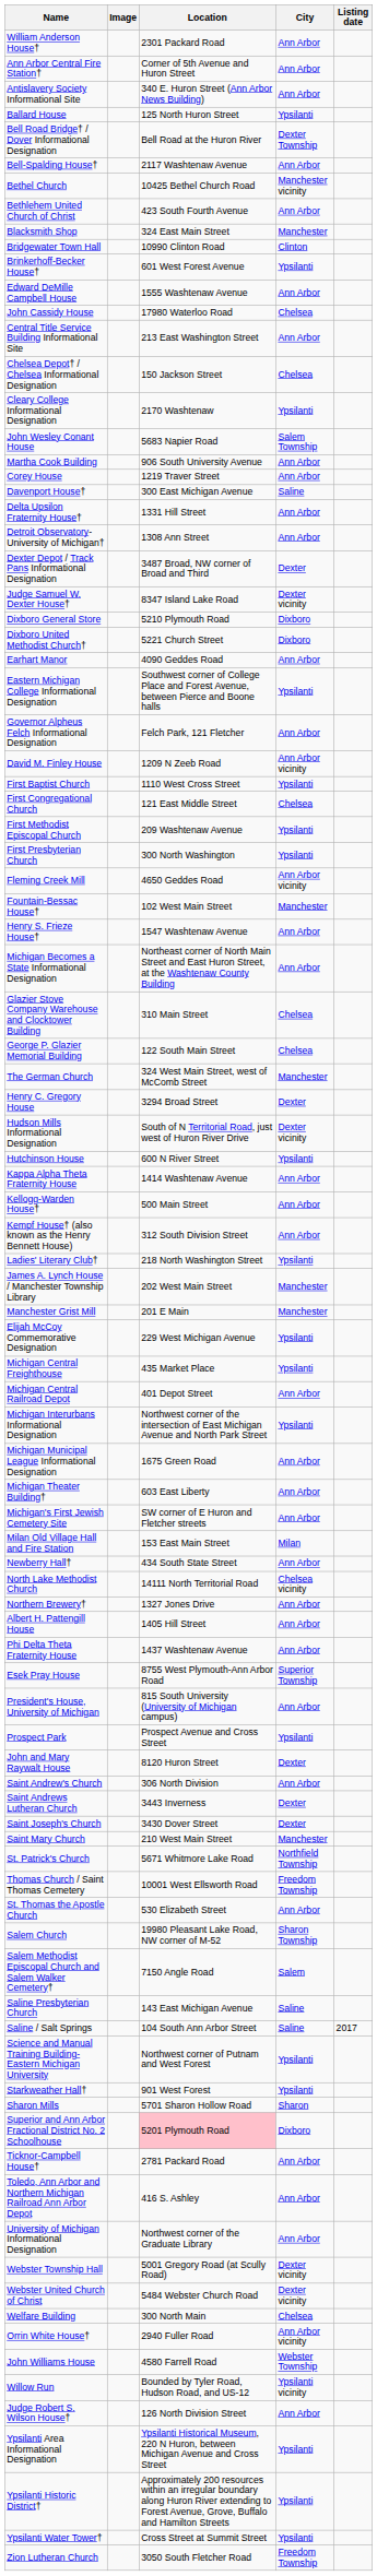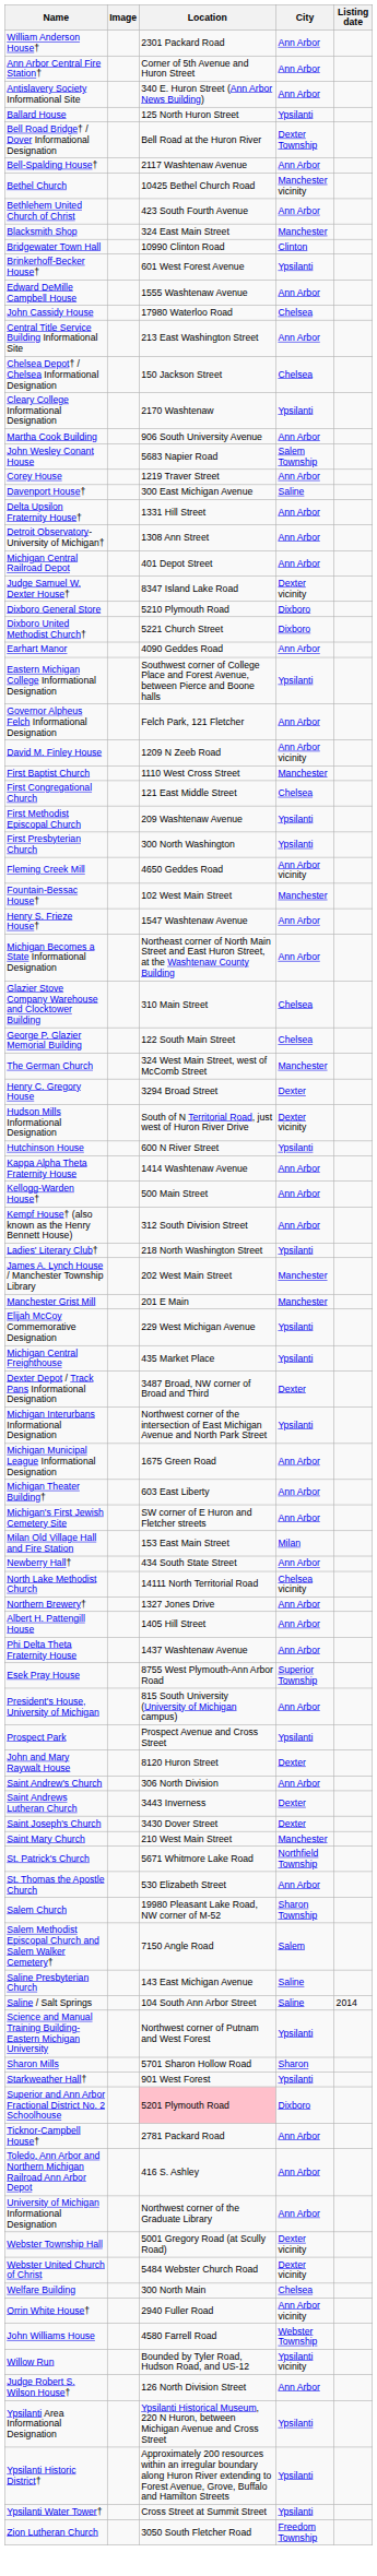 <table class="wikitable sortable" style="width:100%">
 <tr>
 <th>Name</th>
 <th>Image</th>
 <th>Location</th>
 <th>City</th>
 <th>Listing date</th>
 </tr>
 <tr>
 <td><a href='#'>William Anderson House</a>†</td>
 <td></td>
 <td>2301 Packard Road</td>
 <td><a href='#'>Ann Arbor</a></td>
 <td></td>
 </tr>
 <tr>
 <td><a href='#'>Ann Arbor Central Fire Station</a>†</td>
 <td></td>
 <td>Corner of 5th Avenue and Huron Street</td>
 <td><a href='#'>Ann Arbor</a></td>
 <td></td>
 </tr>
 <tr>
 <td><a href='#'>Antislavery Society</a> Informational Site</td>
 <td></td>
 <td>340 E. Huron Street (<a href='#'>Ann Arbor News Building</a>)</td>
 <td><a href='#'>Ann Arbor</a></td>
 <td></td>
 </tr>
 <tr>
 <td><a href='#'>Ballard House</a></td>
 <td></td>
 <td>125 North Huron Street</td>
 <td><a href='#'>Ypsilanti</a></td>
 <td></td>
 </tr>
 <tr>
 <td><a href='#'>Bell Road Bridge</a>† / <a href='#'>Dover</a> Informational Designation</td>
 <td></td>
 <td>Bell Road at the Huron River</td>
 <td><a href='#'>Dexter Township</a></td>
 <td></td>
 </tr>
 <tr>
 <td><a href='#'>Bell-Spalding House</a>†</td>
 <td></td>
 <td>2117 Washtenaw Avenue</td>
 <td><a href='#'>Ann Arbor</a></td>
 <td></td>
 </tr>
 <tr>
 <td><a href='#'>Bethel Church</a></td>
 <td></td>
 <td>10425 Bethel Church Road</td>
 <td><a href='#'>Manchester</a> vicinity</td>
 <td></td>
 </tr>
 <tr>
 <td><a href='#'>Bethlehem United Church of Christ</a></td>
 <td></td>
 <td>423 South Fourth Avenue</td>
 <td><a href='#'>Ann Arbor</a></td>
 <td></td>
 </tr>
 <tr>
 <td><a href='#'>Blacksmith Shop</a></td>
 <td></td>
 <td>324 East Main Street</td>
 <td><a href='#'>Manchester</a></td>
 <td></td>
 </tr>
 <tr>
 <td><a href='#'>Bridgewater Town Hall</a></td>
 <td></td>
 <td>10990 Clinton Road</td>
 <td><a href='#'>Clinton</a></td>
 <td></td>
 </tr>
 <tr>
 <td><a href='#'>Brinkerhoff-Becker House</a>†</td>
 <td></td>
 <td>601 West Forest Avenue</td>
 <td><a href='#'>Ypsilanti</a></td>
 <td></td>
 </tr>
 <tr>
 <td><a href='#'>Edward DeMille Campbell House</a></td>
 <td></td>
 <td>1555 Washtenaw Avenue</td>
 <td><a href='#'>Ann Arbor</a></td>
 <td></td>
 </tr>
 <tr>
 <td><a href='#'>John Cassidy House</a></td>
 <td></td>
 <td>17980 Waterloo Road</td>
 <td><a href='#'>Chelsea</a></td>
 <td></td>
 </tr>
 <tr>
 <td><a href='#'>Central Title Service Building</a> Informational Site</td>
 <td></td>
 <td>213 East Washington Street</td>
 <td><a href='#'>Ann Arbor</a></td>
 <td></td>
 </tr>
 <tr>
 <td><a href='#'>Chelsea Depot</a>† / <a href='#'>Chelsea</a> Informational Designation</td>
 <td></td>
 <td>150 Jackson Street</td>
 <td><a href='#'>Chelsea</a></td>
 <td></td>
 </tr>
 <tr>
 <td><a href='#'>Cleary College</a> Informational Designation</td>
 <td></td>
 <td>2170 Washtenaw</td>
 <td><a href='#'>Ypsilanti</a></td>
 <td></td>
 </tr>
 <tr>
+<td><a href='#'>Martha Cook Building</a></td>
+<td></td>
+<td>906 South University Avenue</td>
+<td><a href='#'>Ann Arbor</a></td>
+<td></td>
+</tr>
+<tr>
 <td><a href='#'>John Wesley Conant House</a></td>
 <td></td>
 <td>5683 Napier Road</td>
 <td><a href='#'>Salem Township</a></td>
-<td></td>
-</tr>
-<tr>
-<td><a href='#'>Martha Cook Building</a></td>
-<td></td>
-<td>906 South University Avenue</td>
-<td><a href='#'>Ann Arbor</a></td>
 <td></td>
 </tr>
 <tr>
 <td><a href='#'>Corey House</a></td>
 <td></td>
 <td>1219 Traver Street</td>
 <td><a href='#'>Ann Arbor</a></td>
 <td></td>
 </tr>
 <tr>
 <td><a href='#'>Davenport House</a>†</td>
 <td></td>
 <td>300 East Michigan Avenue</td>
 <td><a href='#'>Saline</a></td>
 <td></td>
 </tr>
 <tr>
 <td><a href='#'>Delta Upsilon Fraternity House</a>†</td>
 <td></td>
 <td>1331 Hill Street</td>
 <td><a href='#'>Ann Arbor</a></td>
 <td></td>
 </tr>
 <tr>
 <td><a href='#'>Detroit Observatory</a>-University of Michigan†</td>
 <td></td>
 <td>1308 Ann Street</td>
 <td><a href='#'>Ann Arbor</a></td>
 <td></td>
 </tr>
 <tr>
-<td><a href='#'>Dexter Depot</a> / <a href='#'>Track Pans</a> Informational Designation</td>
+<td><a href='#'>Michigan Central Railroad Depot</a></td>
 <td></td>
-<td>3487 Broad, NW corner of Broad and Third</td>
-<td><a href='#'>Dexter</a></td>
+<td>401 Depot Street</td>
+<td><a href='#'>Ann Arbor</a></td>
 <td></td>
 </tr>
 <tr>
 <td><a href='#'>Judge Samuel W. Dexter House</a>†</td>
 <td></td>
 <td>8347 Island Lake Road</td>
 <td><a href='#'>Dexter</a> vicinity</td>
 <td></td>
 </tr>
 <tr>
 <td><a href='#'>Dixboro General Store</a></td>
 <td></td>
 <td>5210 Plymouth Road</td>
 <td><a href='#'>Dixboro</a></td>
 <td></td>
 </tr>
 <tr>
 <td><a href='#'>Dixboro United Methodist Church</a>†</td>
 <td></td>
 <td>5221 Church Street</td>
 <td><a href='#'>Dixboro</a></td>
 <td></td>
 </tr>
 <tr>
 <td><a href='#'>Earhart Manor</a></td>
 <td></td>
 <td>4090 Geddes Road</td>
 <td><a href='#'>Ann Arbor</a></td>
 <td></td>
 </tr>
 <tr>
 <td><a href='#'>Eastern Michigan College</a> Informational Designation</td>
 <td></td>
 <td>Southwest corner of College Place and Forest Avenue, between Pierce and Boone halls</td>
 <td><a href='#'>Ypsilanti</a></td>
 <td></td>
 </tr>
 <tr>
 <td><a href='#'>Governor Alpheus Felch</a> Informational Designation</td>
 <td></td>
 <td>Felch Park, 121 Fletcher</td>
 <td><a href='#'>Ann Arbor</a></td>
 <td></td>
 </tr>
 <tr>
 <td><a href='#'>David M. Finley House</a></td>
 <td></td>
 <td>1209 N Zeeb Road</td>
 <td><a href='#'>Ann Arbor</a> vicinity</td>
 <td></td>
 </tr>
 <tr>
 <td><a href='#'>First Baptist Church</a></td>
 <td></td>
 <td>1110 West Cross Street</td>
-<td><a href='#'>Ypsilanti</a></td>
+<td><a href='#'>Manchester</a></td>
 <td></td>
 </tr>
 <tr>
 <td><a href='#'>First Congregational Church</a></td>
 <td></td>
 <td>121 East Middle Street</td>
 <td><a href='#'>Chelsea</a></td>
 <td></td>
 </tr>
 <tr>
 <td><a href='#'>First Methodist Episcopal Church</a></td>
 <td></td>
 <td>209 Washtenaw Avenue</td>
 <td><a href='#'>Ypsilanti</a></td>
 <td></td>
 </tr>
 <tr>
 <td><a href='#'>First Presbyterian Church</a></td>
 <td></td>
 <td>300 North Washington</td>
 <td><a href='#'>Ypsilanti</a></td>
 <td></td>
 </tr>
 <tr>
 <td><a href='#'>Fleming Creek Mill</a></td>
 <td></td>
 <td>4650 Geddes Road</td>
 <td><a href='#'>Ann Arbor</a> vicinity</td>
 <td></td>
 </tr>
 <tr>
 <td><a href='#'>Fountain-Bessac House</a>†</td>
 <td></td>
 <td>102 West Main Street</td>
 <td><a href='#'>Manchester</a></td>
 <td></td>
 </tr>
 <tr>
 <td><a href='#'>Henry S. Frieze House</a>†</td>
 <td></td>
 <td>1547 Washtenaw Avenue</td>
 <td><a href='#'>Ann Arbor</a></td>
 <td></td>
 </tr>
 <tr>
 <td><a href='#'>Michigan Becomes a State</a> Informational Designation</td>
 <td></td>
 <td>Northeast corner of North Main Street and East Huron Street, at the <a href='#'>Washtenaw County Building</a></td>
 <td><a href='#'>Ann Arbor</a></td>
 <td></td>
 </tr>
 <tr>
 <td><a href='#'>Glazier Stove Company Warehouse and Clocktower Building</a></td>
 <td></td>
 <td>310 Main Street</td>
 <td><a href='#'>Chelsea</a></td>
 <td></td>
 </tr>
 <tr>
 <td><a href='#'>George P. Glazier Memorial Building</a></td>
 <td></td>
 <td>122 South Main Street</td>
 <td><a href='#'>Chelsea</a></td>
 <td></td>
 </tr>
 <tr>
 <td><a href='#'>The German Church</a></td>
 <td></td>
 <td>324 West Main Street, west of McComb Street</td>
 <td><a href='#'>Manchester</a></td>
 <td></td>
 </tr>
 <tr>
 <td><a href='#'>Henry C. Gregory House</a></td>
 <td></td>
 <td>3294 Broad Street</td>
 <td><a href='#'>Dexter</a></td>
 <td></td>
 </tr>
 <tr>
 <td><a href='#'>Hudson Mills</a> Informational Designation</td>
 <td></td>
 <td>South of N <a href='#'>Territorial Road</a>, just west of Huron River Drive</td>
 <td><a href='#'>Dexter</a> vicinity</td>
 <td></td>
 </tr>
 <tr>
 <td><a href='#'>Hutchinson House</a></td>
 <td></td>
 <td>600 N River Street</td>
 <td><a href='#'>Ypsilanti</a></td>
 <td></td>
 </tr>
 <tr>
 <td><a href='#'>Kappa Alpha Theta Fraternity House</a></td>
 <td></td>
 <td>1414 Washtenaw Avenue</td>
 <td><a href='#'>Ann Arbor</a></td>
 <td></td>
 </tr>
 <tr>
 <td><a href='#'>Kellogg-Warden House</a>†</td>
 <td></td>
 <td>500 Main Street</td>
 <td><a href='#'>Ann Arbor</a></td>
 <td></td>
 </tr>
 <tr>
 <td><a href='#'>Kempf House</a>† (also known as the Henry Bennett House)</td>
 <td></td>
 <td>312 South Division Street</td>
 <td><a href='#'>Ann Arbor</a></td>
 <td></td>
 </tr>
 <tr>
 <td><a href='#'>Ladies' Literary Club</a>†</td>
 <td></td>
 <td>218 North Washington Street</td>
 <td><a href='#'>Ypsilanti</a></td>
 <td></td>
 </tr>
 <tr>
 <td><a href='#'>James A. Lynch House</a> / Manchester Township Library</td>
 <td></td>
 <td>202 West Main Street</td>
 <td><a href='#'>Manchester</a></td>
 <td></td>
 </tr>
 <tr>
 <td><a href='#'>Manchester Grist Mill</a></td>
 <td></td>
 <td>201 E Main</td>
 <td><a href='#'>Manchester</a></td>
 <td></td>
 </tr>
 <tr>
 <td><a href='#'>Elijah McCoy</a> Commemorative Designation</td>
 <td></td>
 <td>229 West Michigan Avenue</td>
 <td><a href='#'>Ypsilanti</a></td>
 <td></td>
 </tr>
 <tr>
 <td><a href='#'>Michigan Central Freighthouse</a></td>
 <td></td>
 <td>435 Market Place</td>
 <td><a href='#'>Ypsilanti</a></td>
 <td></td>
 </tr>
 <tr>
-<td><a href='#'>Michigan Central Railroad Depot</a></td>
+<td><a href='#'>Dexter Depot</a> / <a href='#'>Track Pans</a> Informational Designation</td>
 <td></td>
-<td>401 Depot Street</td>
-<td><a href='#'>Ann Arbor</a></td>
+<td>3487 Broad, NW corner of Broad and Third</td>
+<td><a href='#'>Dexter</a></td>
 <td></td>
 </tr>
 <tr>
 <td><a href='#'>Michigan Interurbans</a> Informational Designation</td>
 <td></td>
 <td>Northwest corner of the intersection of East Michigan Avenue and North Park Street</td>
 <td><a href='#'>Ypsilanti</a></td>
 <td></td>
 </tr>
 <tr>
 <td><a href='#'>Michigan Municipal League</a> Informational Designation</td>
 <td></td>
 <td>1675 Green Road</td>
 <td><a href='#'>Ann Arbor</a></td>
 <td></td>
 </tr>
 <tr>
 <td><a href='#'>Michigan Theater Building</a>†</td>
 <td></td>
 <td>603 East Liberty</td>
 <td><a href='#'>Ann Arbor</a></td>
 <td></td>
 </tr>
 <tr>
 <td><a href='#'>Michigan's First Jewish Cemetery Site</a></td>
 <td></td>
 <td>SW corner of E Huron and Fletcher streets</td>
 <td><a href='#'>Ann Arbor</a></td>
 <td></td>
 </tr>
 <tr>
 <td><a href='#'>Milan Old Village Hall and Fire Station</a></td>
 <td></td>
 <td>153 East Main Street</td>
 <td><a href='#'>Milan</a></td>
 <td></td>
 </tr>
 <tr>
 <td><a href='#'>Newberry Hall</a>†</td>
 <td></td>
 <td>434 South State Street</td>
 <td><a href='#'>Ann Arbor</a></td>
 <td></td>
 </tr>
 <tr>
 <td><a href='#'>North Lake Methodist Church</a></td>
 <td></td>
 <td>14111 North Territorial Road</td>
 <td><a href='#'>Chelsea</a> vicinity</td>
 <td></td>
 </tr>
 <tr>
 <td><a href='#'>Northern Brewery</a>†</td>
 <td></td>
 <td>1327 Jones Drive</td>
 <td><a href='#'>Ann Arbor</a></td>
 <td></td>
 </tr>
 <tr>
 <td><a href='#'>Albert H. Pattengill House</a></td>
 <td></td>
 <td>1405 Hill Street</td>
 <td><a href='#'>Ann Arbor</a></td>
 <td></td>
 </tr>
 <tr>
 <td><a href='#'>Phi Delta Theta Fraternity House</a></td>
 <td></td>
 <td>1437 Washtenaw Avenue</td>
 <td><a href='#'>Ann Arbor</a></td>
 <td></td>
 </tr>
 <tr>
 <td><a href='#'>Esek Pray House</a></td>
 <td></td>
 <td>8755 West Plymouth-Ann Arbor Road</td>
 <td><a href='#'>Superior Township</a></td>
 <td></td>
 </tr>
 <tr>
 <td><a href='#'>President's House, University of Michigan</a></td>
 <td></td>
 <td>815 South University (<a href='#'>University of Michigan</a> campus)</td>
 <td><a href='#'>Ann Arbor</a></td>
 <td></td>
 </tr>
 <tr>
 <td><a href='#'>Prospect Park</a></td>
 <td></td>
 <td>Prospect Avenue and Cross Street</td>
 <td><a href='#'>Ypsilanti</a></td>
 <td></td>
 </tr>
 <tr>
 <td><a href='#'>John and Mary Raywalt House</a></td>
 <td></td>
 <td>8120 Huron Street</td>
 <td><a href='#'>Dexter</a></td>
 <td></td>
 </tr>
 <tr>
 <td><a href='#'>Saint Andrew's Church</a></td>
 <td></td>
 <td>306 North Division</td>
 <td><a href='#'>Ann Arbor</a></td>
 <td></td>
 </tr>
 <tr>
 <td><a href='#'>Saint Andrews Lutheran Church</a></td>
 <td></td>
 <td>3443 Inverness</td>
 <td><a href='#'>Dexter</a></td>
 <td></td>
 </tr>
 <tr>
 <td><a href='#'>Saint Joseph's Church</a></td>
 <td></td>
 <td>3430 Dover Street</td>
 <td><a href='#'>Dexter</a></td>
 <td></td>
 </tr>
 <tr>
 <td><a href='#'>Saint Mary Church</a></td>
 <td></td>
 <td>210 West Main Street</td>
 <td><a href='#'>Manchester</a></td>
 <td></td>
 </tr>
 <tr>
 <td><a href='#'>St. Patrick's Church</a></td>
 <td></td>
 <td>5671 Whitmore Lake Road</td>
 <td><a href='#'>Northfield Township</a></td>
 <td></td>
 </tr>
 <tr>
-<td><a href='#'>Thomas Church</a> / Saint Thomas Cemetery</td>
-<td></td>
-<td>10001 West Ellsworth Road</td>
-<td><a href='#'>Freedom Township</a></td>
-<td></td>
-</tr>
-<tr>
 <td><a href='#'>St. Thomas the Apostle Church</a></td>
 <td></td>
 <td>530 Elizabeth Street</td>
 <td><a href='#'>Ann Arbor</a></td>
 <td></td>
 </tr>
 <tr>
 <td><a href='#'>Salem Church</a></td>
 <td></td>
 <td>19980 Pleasant Lake Road, NW corner of M-52</td>
 <td><a href='#'>Sharon Township</a></td>
 <td></td>
 </tr>
 <tr>
 <td><a href='#'>Salem Methodist Episcopal Church and Salem Walker Cemetery</a>†</td>
 <td></td>
 <td>7150 Angle Road</td>
 <td><a href='#'>Salem</a></td>
 <td></td>
 </tr>
 <tr>
 <td><a href='#'>Saline Presbyterian Church</a></td>
 <td></td>
 <td>143 East Michigan Avenue</td>
 <td><a href='#'>Saline</a></td>
 <td></td>
 </tr>
 <tr>
 <td><a href='#'>Saline</a> / Salt Springs</td>
 <td></td>
 <td>104 South Ann Arbor Street</td>
 <td><a href='#'>Saline</a></td>
-<td>2017</td>
+<td>2014</td>
 </tr>
 <tr>
 <td><a href='#'>Science and Manual Training Building-Eastern Michigan University</a></td>
 <td></td>
 <td>Northwest corner of Putnam and West Forest</td>
 <td><a href='#'>Ypsilanti</a></td>
 <td></td>
 </tr>
 <tr>
+<td><a href='#'>Sharon Mills</a></td>
+<td></td>
+<td>5701 Sharon Hollow Road</td>
+<td><a href='#'>Sharon</a></td>
+<td></td>
+</tr>
+<tr>
 <td><a href='#'>Starkweather Hall</a>†</td>
 <td></td>
 <td>901 West Forest</td>
 <td><a href='#'>Ypsilanti</a></td>
-<td></td>
-</tr>
-<tr>
-<td><a href='#'>Sharon Mills</a></td>
-<td></td>
-<td>5701 Sharon Hollow Road</td>
-<td><a href='#'>Sharon</a></td>
 <td></td>
 </tr>
 <tr>
 <td><a href='#'>Superior and Ann Arbor Fractional District No. 2 Schoolhouse</a></td>
 <td></td>
 <td style="background: pink;">5201 Plymouth Road</td>
 <td><a href='#'>Dixboro</a></td>
 <td></td>
 </tr>
 <tr>
 <td><a href='#'>Ticknor-Campbell House</a>†</td>
 <td></td>
 <td>2781 Packard Road</td>
 <td><a href='#'>Ann Arbor</a></td>
 <td></td>
 </tr>
 <tr>
 <td><a href='#'>Toledo, Ann Arbor and Northern Michigan Railroad Ann Arbor Depot</a></td>
 <td></td>
 <td>416 S. Ashley</td>
 <td><a href='#'>Ann Arbor</a></td>
 <td></td>
 </tr>
 <tr>
 <td><a href='#'>University of Michigan</a> Informational Designation</td>
 <td></td>
 <td>Northwest corner of the Graduate Library</td>
 <td><a href='#'>Ann Arbor</a></td>
 <td></td>
 </tr>
 <tr>
 <td><a href='#'>Webster Township Hall</a></td>
 <td></td>
 <td>5001 Gregory Road (at Scully Road)</td>
 <td><a href='#'>Dexter</a> vicinity</td>
 <td></td>
 </tr>
 <tr>
 <td><a href='#'>Webster United Church of Christ</a></td>
 <td></td>
 <td>5484 Webster Church Road</td>
 <td><a href='#'>Dexter</a> vicinity</td>
 <td></td>
 </tr>
 <tr>
 <td><a href='#'>Welfare Building</a></td>
 <td></td>
 <td>300 North Main</td>
 <td><a href='#'>Chelsea</a></td>
 <td></td>
 </tr>
 <tr>
 <td><a href='#'>Orrin White House</a>†</td>
 <td></td>
 <td>2940 Fuller Road</td>
 <td><a href='#'>Ann Arbor</a> vicinity</td>
 <td></td>
 </tr>
 <tr>
 <td><a href='#'>John Williams House</a></td>
 <td></td>
 <td>4580 Farrell Road</td>
 <td><a href='#'>Webster Township</a></td>
 <td></td>
 </tr>
 <tr>
 <td><a href='#'>Willow Run</a></td>
 <td></td>
 <td>Bounded by Tyler Road, Hudson Road, and US-12</td>
 <td><a href='#'>Ypsilanti</a> vicinity</td>
 <td></td>
 </tr>
 <tr>
 <td><a href='#'>Judge Robert S. Wilson House</a>†</td>
 <td></td>
 <td>126 North Division Street</td>
 <td><a href='#'>Ann Arbor</a></td>
 <td></td>
 </tr>
 <tr>
 <td><a href='#'>Ypsilanti</a> Area Informational Designation</td>
 <td></td>
 <td><a href='#'>Ypsilanti Historical Museum</a>, 220 N Huron, between Michigan Avenue and Cross Street</td>
 <td><a href='#'>Ypsilanti</a></td>
 <td></td>
 </tr>
 <tr>
 <td><a href='#'>Ypsilanti Historic District</a>†</td>
 <td></td>
 <td>Approximately 200 resources within an irregular boundary along Huron River extending to Forest Avenue, Grove, Buffalo and Hamilton Streets</td>
 <td><a href='#'>Ypsilanti</a></td>
 <td></td>
 </tr>
 <tr>
 <td><a href='#'>Ypsilanti Water Tower</a>†</td>
 <td></td>
 <td>Cross Street at Summit Street</td>
 <td><a href='#'>Ypsilanti</a></td>
 <td></td>
 </tr>
 <tr>
 <td><a href='#'>Zion Lutheran Church</a></td>
 <td></td>
 <td>3050 South Fletcher Road</td>
 <td><a href='#'>Freedom Township</a></td>
 <td></td>
 </tr>
 </table>
